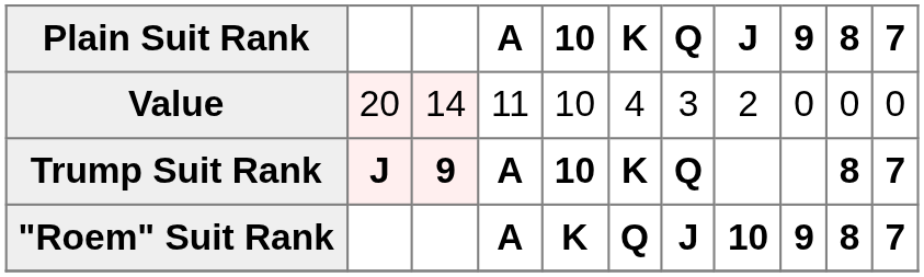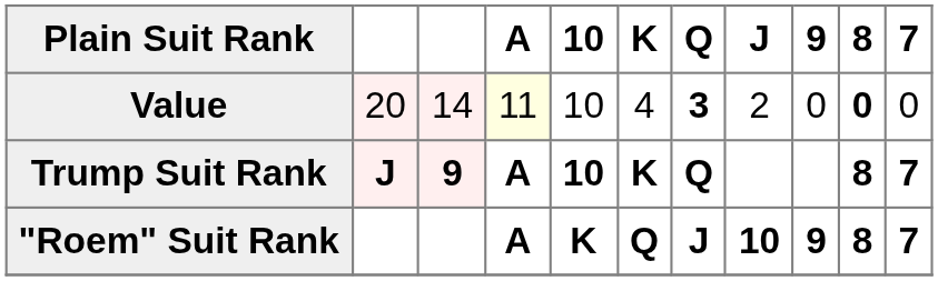 <table border="1" cellspacing="1" cellpadding="5" style="border-collapse: collapse; text-align: center" align="right">
 <tr>
 <th style="background:#efefef;">Plain Suit Rank</th>
 <th></th>
 <th></th>
 <th>A</th>
 <th>10</th>
 <th>K</th>
 <th>Q</th>
 <th>J</th>
 <th>9</th>
 <th>8</th>
 <th>7</th>
 </tr>
 <tr>
 <th style="background:#efefef;">Value</th>
 <td style="background:#ffefef;">20</td>
 <td style="background:#ffefef;">14</td>
-<td>11</td>
+<td style="background: lightyellow;">11</td>
 <td>10</td>
 <td>4</td>
-<td>3</td>
+<td><strong>3</strong></td>
 <td>2</td>
 <td>0</td>
-<td>0</td>
+<td><strong>0</strong></td>
 <td>0</td>
 </tr>
 <tr>
 <th style="background:#efefef;">Trump Suit Rank</th>
 <th style="background:#ffefef;">J</th>
 <th style="background:#ffefef;">9</th>
 <th>A</th>
 <th>10</th>
 <th>K</th>
 <th>Q</th>
 <th></th>
 <th></th>
 <th>8</th>
 <th>7</th>
 </tr>
 <tr>
 <th style="background:#efefef;">"Roem" Suit Rank</th>
 <th></th>
 <th></th>
 <th>A</th>
 <th>K</th>
 <th>Q</th>
 <th>J</th>
 <th>10</th>
 <th>9</th>
 <th>8</th>
 <th>7</th>
 </tr>
 <tr>
 </tr>
 </table>
